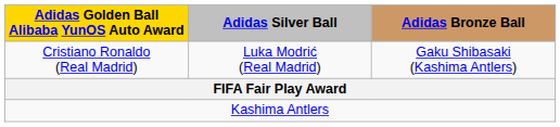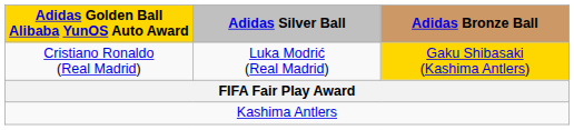 <table class="wikitable" style="text-align:center">
 <tr>
 <th style="background:gold; width:33%"><a href='#'>Adidas</a> Golden Ball<br><a href='#'>Alibaba</a> <a href='#'>YunOS</a> Auto Award</th>
 <th style="background:silver; width:33%"><a href='#'>Adidas</a> Silver Ball</th>
 <th style="background:#CC9966; width:33%"><a href='#'>Adidas</a> Bronze Ball</th>
 </tr>
 <tr>
 <td> <a href='#'>Cristiano Ronaldo</a><br>(<a href='#'>Real Madrid</a>)</td>
 <td> <a href='#'>Luka Modrić</a><br>(<a href='#'>Real Madrid</a>)</td>
-<td> <a href='#'>Gaku Shibasaki</a><br>(<a href='#'>Kashima Antlers</a>)</td>
+<td style="background: gold;"> <a href='#'>Gaku Shibasaki</a><br>(<a href='#'>Kashima Antlers</a>)</td>
 </tr>
 <tr>
 <th colspan="3">FIFA Fair Play Award</th>
 </tr>
 <tr>
 <td colspan="3"> <a href='#'>Kashima Antlers</a></td>
 </tr>
 </table>
